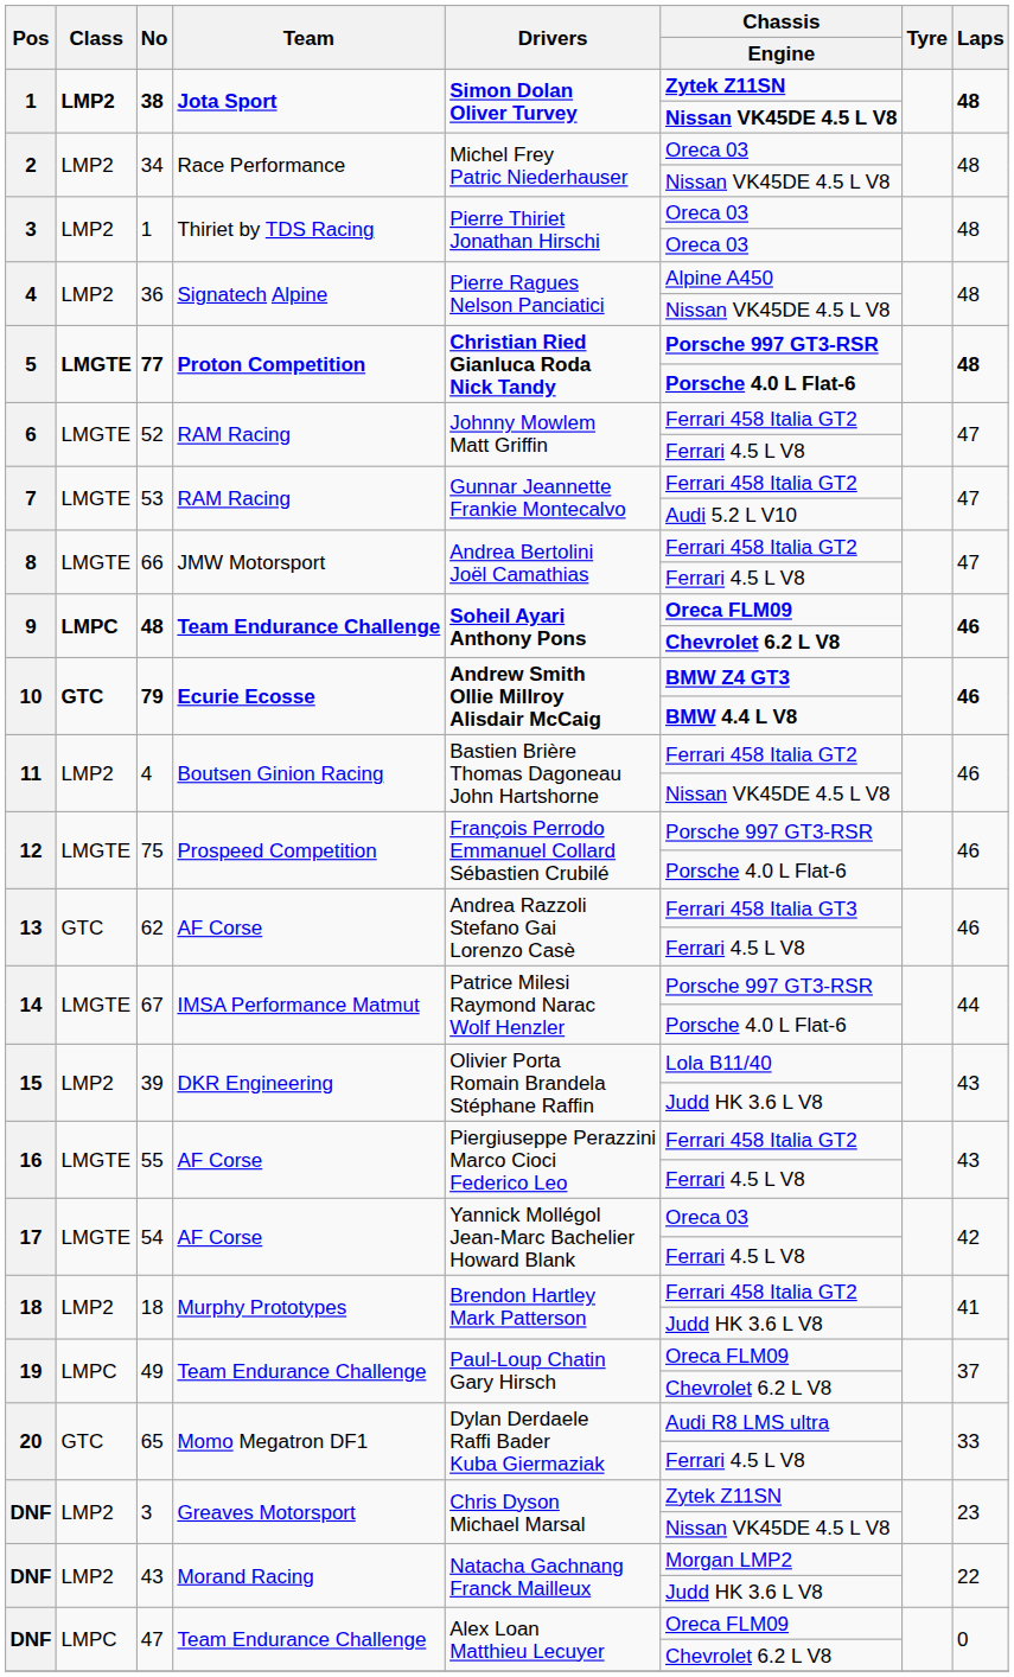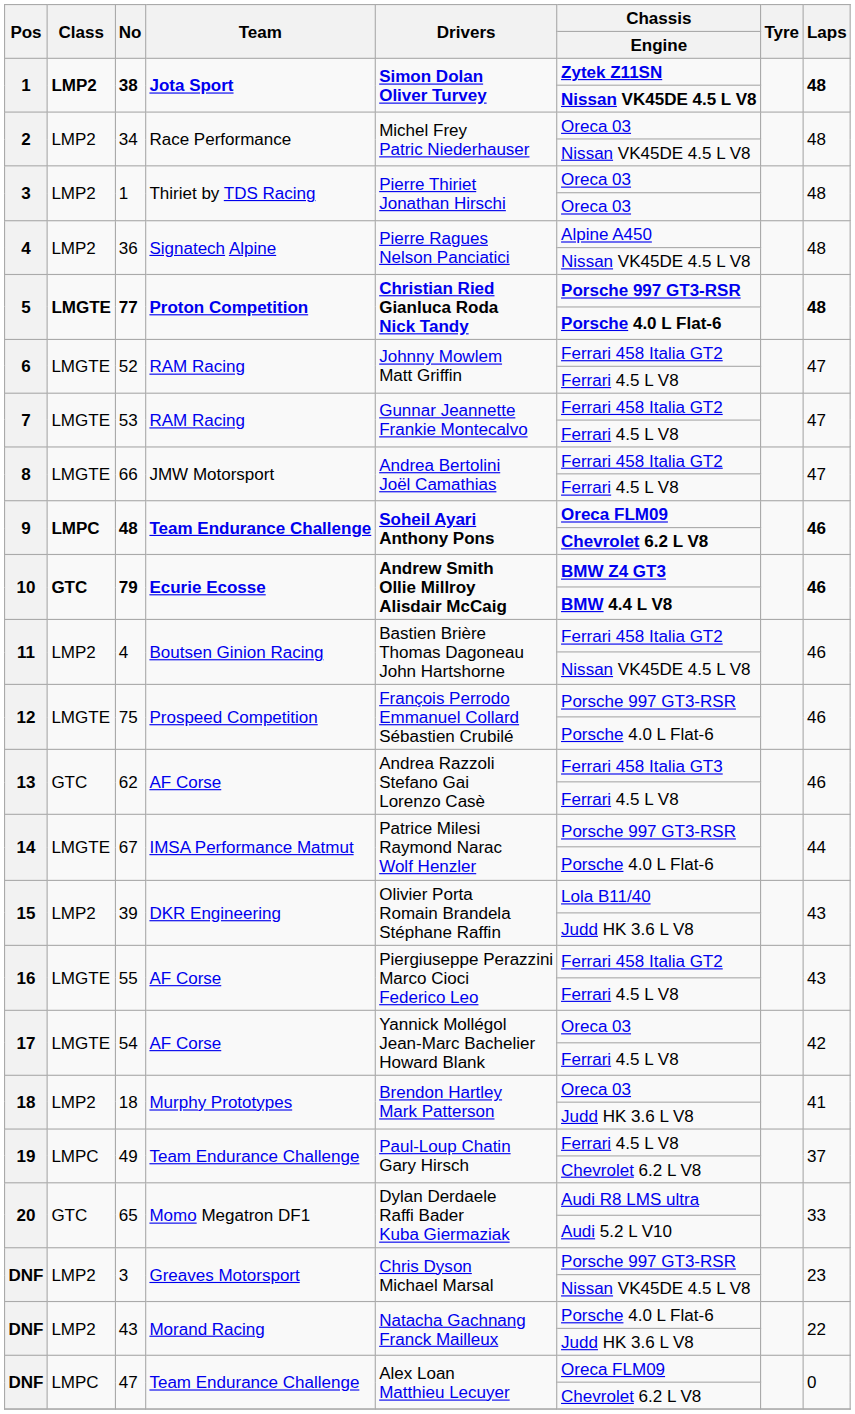 <table class="wikitable" style="font-size: 95%;">
 <tr>
 <th rowspan=2>Pos</th>
 <th rowspan=2>Class</th>
 <th rowspan=2>No</th>
 <th rowspan=2>Team</th>
 <th rowspan=2>Drivers</th>
 <th>Chassis</th>
 <th rowspan=2>Tyre</th>
 <th rowspan=2>Laps</th>
 </tr>
 <tr>
 <th>Engine</th>
 </tr>
 <tr style="font-weight:bold">
 <th rowspan=2>1</th>
 <td rowspan=2>LMP2</td>
 <td rowspan=2>38</td>
 <td rowspan=2> <a href='#'>Jota Sport</a></td>
 <td rowspan=2> <a href='#'>Simon Dolan</a><br> <a href='#'>Oliver Turvey</a></td>
 <td><a href='#'>Zytek Z11SN</a></td>
 <td rowspan=2></td>
 <td rowspan=2>48</td>
 </tr>
 <tr style="font-weight:bold">
 <td><a href='#'>Nissan</a> VK45DE 4.5 L V8</td>
 </tr>
 <tr>
 <th rowspan=2>2</th>
 <td rowspan=2>LMP2</td>
 <td rowspan=2>34</td>
 <td rowspan=2> Race Performance</td>
 <td rowspan=2> Michel Frey<br> <a href='#'>Patric Niederhauser</a></td>
 <td><a href='#'>Oreca 03</a></td>
 <td rowspan=2></td>
 <td rowspan=2>48</td>
 </tr>
 <tr>
 <td><a href='#'>Nissan</a> VK45DE 4.5 L V8</td>
 </tr>
 <tr>
 <th rowspan=2>3</th>
 <td rowspan=2>LMP2</td>
 <td rowspan=2>1</td>
 <td rowspan=2> Thiriet by <a href='#'>TDS Racing</a></td>
 <td rowspan=2> <a href='#'>Pierre Thiriet</a><br> <a href='#'>Jonathan Hirschi</a></td>
 <td><a href='#'>Oreca 03</a></td>
 <td rowspan=2></td>
 <td rowspan=2>48</td>
 </tr>
 <tr>
 <td><a href='#'>Oreca 03</a></td>
 </tr>
 <tr>
 <th rowspan=2>4</th>
 <td rowspan=2>LMP2</td>
 <td rowspan=2>36</td>
 <td rowspan=2> <a href='#'>Signatech</a> <a href='#'>Alpine</a></td>
 <td rowspan=2> <a href='#'>Pierre Ragues</a><br> <a href='#'>Nelson Panciatici</a></td>
 <td><a href='#'>Alpine A450</a></td>
 <td rowspan=2></td>
 <td rowspan=2>48</td>
 </tr>
 <tr>
 <td><a href='#'>Nissan</a> VK45DE 4.5 L V8</td>
 </tr>
 <tr style="font-weight:bold">
 <th rowspan=2>5</th>
 <td rowspan=2>LMGTE</td>
 <td rowspan=2>77</td>
 <td rowspan=2> <a href='#'>Proton Competition</a></td>
 <td rowspan=2> <a href='#'>Christian Ried</a><br> Gianluca Roda<br> <a href='#'>Nick Tandy</a></td>
 <td><a href='#'>Porsche 997 GT3-RSR</a></td>
 <td rowspan=2></td>
 <td rowspan=2>48</td>
 </tr>
 <tr style="font-weight:bold">
 <td><a href='#'>Porsche</a> 4.0 L Flat-6</td>
 </tr>
 <tr>
 <th rowspan=2>6</th>
 <td rowspan=2>LMGTE</td>
 <td rowspan=2>52</td>
 <td rowspan=2> <a href='#'>RAM Racing</a></td>
 <td rowspan=2> <a href='#'>Johnny Mowlem</a><br> Matt Griffin</td>
 <td><a href='#'>Ferrari 458 Italia GT2</a></td>
 <td rowspan=2></td>
 <td rowspan=2>47</td>
 </tr>
 <tr>
 <td><a href='#'>Ferrari</a> 4.5 L V8</td>
 </tr>
 <tr>
 <th rowspan=2>7</th>
 <td rowspan=2>LMGTE</td>
 <td rowspan=2>53</td>
 <td rowspan=2> <a href='#'>RAM Racing</a></td>
 <td rowspan=2> <a href='#'>Gunnar Jeannette</a><br> <a href='#'>Frankie Montecalvo</a></td>
 <td><a href='#'>Ferrari 458 Italia GT2</a></td>
 <td rowspan=2></td>
 <td rowspan=2>47</td>
 </tr>
 <tr>
-<td><a href='#'>Audi</a> 5.2 L V10</td>
+<td><a href='#'>Ferrari</a> 4.5 L V8</td>
 </tr>
 <tr>
 <th rowspan=2>8</th>
 <td rowspan=2>LMGTE</td>
 <td rowspan=2>66</td>
 <td rowspan=2> JMW Motorsport</td>
 <td rowspan=2> <a href='#'>Andrea Bertolini</a><br> <a href='#'>Joël Camathias</a></td>
 <td><a href='#'>Ferrari 458 Italia GT2</a></td>
 <td rowspan=2></td>
 <td rowspan=2>47</td>
 </tr>
 <tr>
 <td><a href='#'>Ferrari</a> 4.5 L V8</td>
 </tr>
 <tr style="font-weight:bold">
 <th rowspan=2>9</th>
 <td rowspan=2>LMPC</td>
 <td rowspan=2>48</td>
 <td rowspan=2> <a href='#'>Team Endurance Challenge</a></td>
 <td rowspan=2> <a href='#'>Soheil Ayari</a><br> Anthony Pons</td>
 <td><a href='#'>Oreca FLM09</a></td>
 <td rowspan=2></td>
 <td rowspan=2>46</td>
 </tr>
 <tr style="font-weight:bold">
 <td><a href='#'>Chevrolet</a> 6.2 L V8</td>
 </tr>
 <tr style="font-weight:bold">
 <th rowspan=2>10</th>
 <td rowspan=2>GTC</td>
 <td rowspan=2>79</td>
 <td rowspan=2> <a href='#'>Ecurie Ecosse</a></td>
 <td rowspan=2> Andrew Smith<br> Ollie Millroy<br> Alisdair McCaig</td>
 <td><a href='#'>BMW Z4 GT3</a></td>
 <td rowspan=2></td>
 <td rowspan=2>46</td>
 </tr>
 <tr style="font-weight:bold">
 <td><a href='#'>BMW</a> 4.4 L V8</td>
 </tr>
 <tr>
 <th rowspan=2>11</th>
 <td rowspan=2>LMP2</td>
 <td rowspan=2>4</td>
 <td rowspan=2> <a href='#'>Boutsen Ginion Racing</a></td>
 <td rowspan=2> Bastien Brière<br> Thomas Dagoneau<br> John Hartshorne</td>
 <td><a href='#'>Ferrari 458 Italia GT2</a></td>
 <td rowspan=2></td>
 <td rowspan=2>46</td>
 </tr>
 <tr>
 <td><a href='#'>Nissan</a> VK45DE 4.5 L V8</td>
 </tr>
 <tr>
 <th rowspan=2>12</th>
 <td rowspan=2>LMGTE</td>
 <td rowspan=2>75</td>
 <td rowspan=2> <a href='#'>Prospeed Competition</a></td>
 <td rowspan=2> <a href='#'>François Perrodo</a><br> <a href='#'>Emmanuel Collard</a><br> Sébastien Crubilé</td>
 <td><a href='#'>Porsche 997 GT3-RSR</a></td>
 <td rowspan=2></td>
 <td rowspan=2>46</td>
 </tr>
 <tr>
 <td><a href='#'>Porsche</a> 4.0 L Flat-6</td>
 </tr>
 <tr>
 <th rowspan=2>13</th>
 <td rowspan=2>GTC</td>
 <td rowspan=2>62</td>
 <td rowspan=2> <a href='#'>AF Corse</a></td>
 <td rowspan=2> Andrea Razzoli<br> Stefano Gai<br> Lorenzo Casè</td>
 <td><a href='#'>Ferrari 458 Italia GT3</a></td>
 <td rowspan=2></td>
 <td rowspan=2>46</td>
 </tr>
 <tr>
 <td><a href='#'>Ferrari</a> 4.5 L V8</td>
 </tr>
 <tr>
 <th rowspan=2>14</th>
 <td rowspan=2>LMGTE</td>
 <td rowspan=2>67</td>
 <td rowspan=2> <a href='#'>IMSA Performance Matmut</a></td>
 <td rowspan=2> Patrice Milesi<br> Raymond Narac<br> <a href='#'>Wolf Henzler</a></td>
 <td><a href='#'>Porsche 997 GT3-RSR</a></td>
 <td rowspan=2></td>
 <td rowspan=2>44</td>
 </tr>
 <tr>
 <td><a href='#'>Porsche</a> 4.0 L Flat-6</td>
 </tr>
 <tr>
 <th rowspan=2>15</th>
 <td rowspan=2>LMP2</td>
 <td rowspan=2>39</td>
 <td rowspan=2> <a href='#'>DKR Engineering</a></td>
 <td rowspan=2> Olivier Porta<br> Romain Brandela<br> Stéphane Raffin</td>
 <td><a href='#'>Lola B11/40</a></td>
 <td rowspan=2></td>
 <td rowspan=2>43</td>
 </tr>
 <tr>
 <td><a href='#'>Judd</a> HK 3.6 L V8</td>
 </tr>
 <tr>
 <th rowspan=2>16</th>
 <td rowspan=2>LMGTE</td>
 <td rowspan=2>55</td>
 <td rowspan=2> <a href='#'>AF Corse</a></td>
 <td rowspan=2> Piergiuseppe Perazzini<br> Marco Cioci<br> <a href='#'>Federico Leo</a></td>
 <td><a href='#'>Ferrari 458 Italia GT2</a></td>
 <td rowspan=2></td>
 <td rowspan=2>43</td>
 </tr>
 <tr>
 <td><a href='#'>Ferrari</a> 4.5 L V8</td>
 </tr>
 <tr>
 <th rowspan=2>17</th>
 <td rowspan=2>LMGTE</td>
 <td rowspan=2>54</td>
 <td rowspan=2> <a href='#'>AF Corse</a></td>
 <td rowspan=2> Yannick Mollégol<br> Jean-Marc Bachelier<br> Howard Blank</td>
 <td><a href='#'>Oreca 03</a></td>
 <td rowspan=2></td>
 <td rowspan=2>42</td>
 </tr>
 <tr>
 <td><a href='#'>Ferrari</a> 4.5 L V8</td>
 </tr>
 <tr>
 <th rowspan=2>18</th>
 <td rowspan=2>LMP2</td>
 <td rowspan=2>18</td>
 <td rowspan=2> <a href='#'>Murphy Prototypes</a></td>
 <td rowspan=2> <a href='#'>Brendon Hartley</a><br> <a href='#'>Mark Patterson</a></td>
-<td><a href='#'>Ferrari 458 Italia GT2</a></td>
+<td><a href='#'>Oreca 03</a></td>
 <td rowspan=2></td>
 <td rowspan=2>41</td>
 </tr>
 <tr>
 <td><a href='#'>Judd</a> HK 3.6 L V8</td>
 </tr>
 <tr>
 <th rowspan=2>19</th>
 <td rowspan=2>LMPC</td>
 <td rowspan=2>49</td>
 <td rowspan=2> <a href='#'>Team Endurance Challenge</a></td>
 <td rowspan=2> <a href='#'>Paul-Loup Chatin</a><br> Gary Hirsch</td>
-<td><a href='#'>Oreca FLM09</a></td>
+<td><a href='#'>Ferrari</a> 4.5 L V8</td>
 <td rowspan=2></td>
 <td rowspan=2>37</td>
 </tr>
 <tr>
 <td><a href='#'>Chevrolet</a> 6.2 L V8</td>
 </tr>
 <tr>
 <th rowspan=2>20</th>
 <td rowspan=2>GTC</td>
 <td rowspan=2>65</td>
 <td rowspan=2> <a href='#'>Momo</a> Megatron DF1</td>
 <td rowspan=2> Dylan Derdaele<br> Raffi Bader<br> <a href='#'>Kuba Giermaziak</a></td>
 <td><a href='#'>Audi R8 LMS ultra</a></td>
 <td rowspan=2></td>
 <td rowspan=2>33</td>
 </tr>
 <tr>
-<td><a href='#'>Ferrari</a> 4.5 L V8</td>
+<td><a href='#'>Audi</a> 5.2 L V10</td>
 </tr>
 <tr>
 <th rowspan=2>DNF</th>
 <td rowspan=2>LMP2</td>
 <td rowspan=2>3</td>
 <td rowspan=2> <a href='#'>Greaves Motorsport</a></td>
 <td rowspan=2> <a href='#'>Chris Dyson</a><br> Michael Marsal</td>
-<td><a href='#'>Zytek Z11SN</a></td>
+<td><a href='#'>Porsche 997 GT3-RSR</a></td>
 <td rowspan=2></td>
 <td rowspan=2>23</td>
 </tr>
 <tr>
 <td><a href='#'>Nissan</a> VK45DE 4.5 L V8</td>
 </tr>
 <tr>
 <th rowspan=2>DNF</th>
 <td rowspan=2>LMP2</td>
 <td rowspan=2>43</td>
 <td rowspan=2> <a href='#'>Morand Racing</a></td>
 <td rowspan=2> <a href='#'>Natacha Gachnang</a><br> <a href='#'>Franck Mailleux</a></td>
-<td><a href='#'>Morgan LMP2</a></td>
+<td><a href='#'>Porsche</a> 4.0 L Flat-6</td>
 <td rowspan=2></td>
 <td rowspan=2>22</td>
 </tr>
 <tr>
 <td><a href='#'>Judd</a> HK 3.6 L V8</td>
 </tr>
 <tr>
 <th rowspan=2>DNF</th>
 <td rowspan=2>LMPC</td>
 <td rowspan=2>47</td>
 <td rowspan=2> <a href='#'>Team Endurance Challenge</a></td>
 <td rowspan=2> Alex Loan<br> <a href='#'>Matthieu Lecuyer</a></td>
 <td><a href='#'>Oreca FLM09</a></td>
 <td rowspan=2></td>
 <td rowspan=2>0</td>
 </tr>
 <tr>
 <td><a href='#'>Chevrolet</a> 6.2 L V8</td>
 </tr>
 <tr>
 </tr>
 </table>
